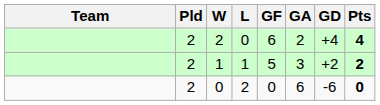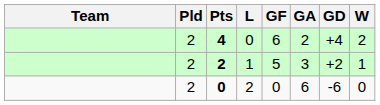 <table class=wikitable style="text-align:center">
 <tr>
 <th width=175>Team</th>
 <th width=20>Pld</th>
-<th width=20>W</th>
+<th width=20>Pts</th>
 <th width=20>L</th>
 <th width=20>GF</th>
 <th width=20>GA</th>
 <th width=20>GD</th>
-<th width=20>Pts</th>
+<th width=20>W</th>
 </tr>
 <tr style="background:#ccffcc;">
 <td align=left></td>
 <td>2</td>
-<td>2</td>
+<td><strong>4</strong></td>
 <td>0</td>
 <td>6</td>
 <td>2</td>
 <td>+4</td>
-<td><strong>4</strong></td>
+<td>2</td>
 </tr>
 <tr style="background:#ccffcc;">
 <td align=left></td>
 <td>2</td>
-<td>1</td>
+<td><strong>2</strong></td>
 <td>1</td>
 <td>5</td>
 <td>3</td>
 <td>+2</td>
-<td><strong>2</strong></td>
+<td>1</td>
 </tr>
 <tr>
 <td align=left></td>
 <td>2</td>
-<td>0</td>
+<td><strong>0</strong></td>
 <td>2</td>
 <td>0</td>
 <td>6</td>
 <td>-6</td>
-<td><strong>0</strong></td>
+<td>0</td>
 </tr>
 </table>
